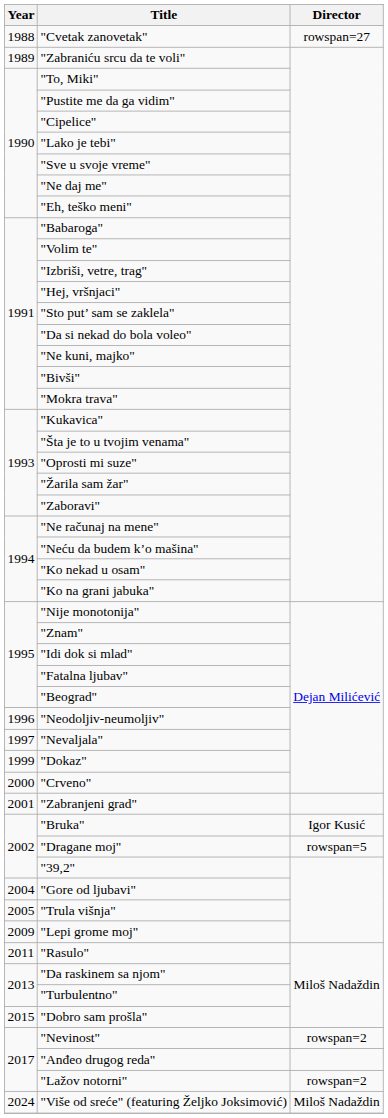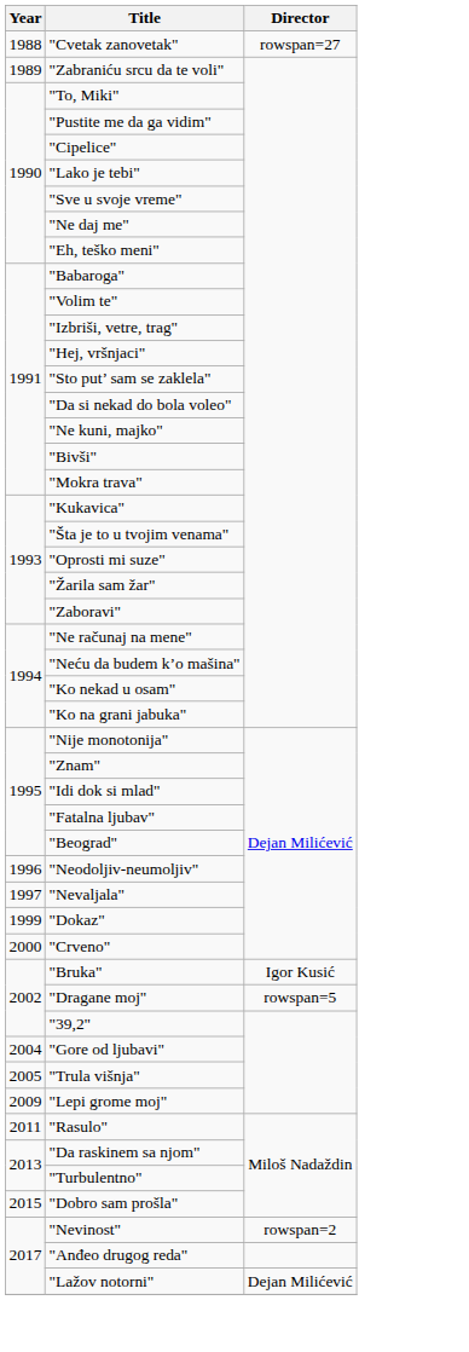 <table class="wikitable plainrowheaders" style="text-align: center;">
 <tr>
 <th>Year</th>
 <th>Title</th>
 <th>Director</th>
 </tr>
 <tr>
 <td>1988</td>
 <td align=left>"Cvetak zanovetak"</td>
 <td>rowspan=27 </td>
 </tr>
 <tr>
 <td>1989</td>
 <td align=left>"Zabraniću srcu da te voli"</td>
 </tr>
 <tr>
 <td rowspan=7>1990</td>
 <td align=left>"To, Miki"</td>
 </tr>
 <tr>
 <td align=left>"Pustite me da ga vidim"</td>
 </tr>
 <tr>
 <td align=left>"Cipelice"</td>
 </tr>
 <tr>
 <td align=left>"Lako je tebi"</td>
 </tr>
 <tr>
 <td align=left>"Sve u svoje vreme"</td>
 </tr>
 <tr>
 <td align=left>"Ne daj me"</td>
 </tr>
 <tr>
 <td align=left>"Eh, teško meni"</td>
 </tr>
 <tr>
 <td rowspan=9>1991</td>
 <td align=left>"Babaroga"</td>
 </tr>
 <tr>
 <td align=left>"Volim te"</td>
 </tr>
 <tr>
 <td align=left>"Izbriši, vetre, trag"</td>
 </tr>
 <tr>
 <td align=left>"Hej, vršnjaci"</td>
 </tr>
 <tr>
 <td align=left>"Sto put’ sam se zaklela"</td>
 </tr>
 <tr>
 <td align=left>"Da si nekad do bola voleo"</td>
 </tr>
 <tr>
 <td align=left>"Ne kuni, majko"</td>
 </tr>
 <tr>
 <td align=left>"Bivši"</td>
 </tr>
 <tr>
 <td align=left>"Mokra trava"</td>
 </tr>
 <tr>
 <td rowspan=5>1993</td>
 <td align=left>"Kukavica"</td>
 </tr>
 <tr>
 <td align=left>"Šta je to u tvojim venama"</td>
 </tr>
 <tr>
 <td align=left>"Oprosti mi suze"</td>
 </tr>
 <tr>
 <td align=left>"Žarila sam žar"</td>
 </tr>
 <tr>
 <td align=left>"Zaboravi"</td>
 </tr>
 <tr>
 <td rowspan=4>1994</td>
 <td align=left>"Ne računaj na mene"</td>
 </tr>
 <tr>
 <td align=left>"Neću da budem k’o mašina"</td>
 </tr>
 <tr>
 <td align=left>"Ko nekad u osam"</td>
 </tr>
 <tr>
 <td align=left>"Ko na grani jabuka"</td>
 </tr>
 <tr>
 <td rowspan=5>1995</td>
 <td align=left>"Nije monotonija"</td>
 <td rowspan=9><a href='#'>Dejan Milićević</a></td>
 </tr>
 <tr>
 <td align=left>"Znam"</td>
 </tr>
 <tr>
 <td align=left>"Idi dok si mlad"</td>
 </tr>
 <tr>
 <td align=left>"Fatalna ljubav"</td>
 </tr>
 <tr>
 <td align=left>"Beograd"</td>
 </tr>
 <tr>
 <td>1996</td>
 <td align=left>"Neodoljiv-neumoljiv"</td>
 </tr>
 <tr>
 <td>1997</td>
 <td align=left>"Nevaljala"</td>
 </tr>
 <tr>
 <td>1999</td>
 <td align=left>"Dokaz"</td>
 </tr>
 <tr>
 <td>2000</td>
 <td align=left>"Crveno"</td>
 </tr>
 <tr>
-<td>2001</td>
-<td align=left>"Zabranjeni grad"</td>
-<td></td>
-</tr>
-<tr>
 <td rowspan=3>2002</td>
 <td align=left>"Bruka"</td>
 <td>Igor Kusić</td>
 </tr>
 <tr>
 <td align=left>"Dragane moj"</td>
 <td>rowspan=5 </td>
 </tr>
 <tr>
 <td align=left>"39,2"</td>
 </tr>
 <tr>
 <td>2004</td>
 <td align=left>"Gore od ljubavi"</td>
 </tr>
 <tr>
 <td>2005</td>
 <td align=left>"Trula višnja"</td>
 </tr>
 <tr>
 <td>2009</td>
 <td align=left>"Lepi grome moj"</td>
 </tr>
 <tr>
 <td>2011</td>
 <td align=left>"Rasulo"</td>
 <td rowspan=4>Miloš Nadaždin</td>
 </tr>
 <tr>
 <td rowspan=2>2013</td>
 <td align=left>"Da raskinem sa njom"</td>
 </tr>
 <tr>
 <td align=left>"Turbulentno"</td>
 </tr>
 <tr>
 <td>2015</td>
 <td align=left>"Dobro sam prošla"</td>
 </tr>
 <tr>
 <td rowspan=3>2017</td>
 <td align=left>"Nevinost"</td>
 <td>rowspan=2 </td>
 </tr>
 <tr>
 <td align=left>"Anđeo drugog reda"</td>
 </tr>
 <tr>
 <td align=left>"Lažov notorni"</td>
-<td>rowspan=2 </td>
-</tr>
-<tr>
-<td>2024</td>
-<td align=left>"Više od sreće" (featuring Željko Joksimović)</td>
-<td>Miloš Nadaždin</td>
+<td>Dejan Milićević</td>
 </tr>
 <tr>
 </tr>
 </table>
